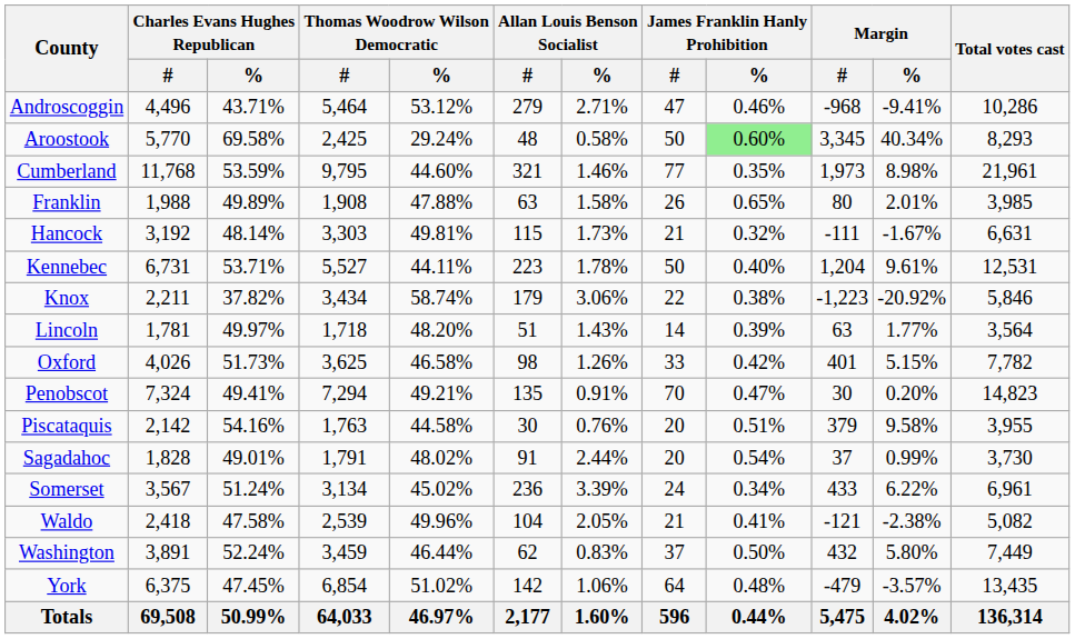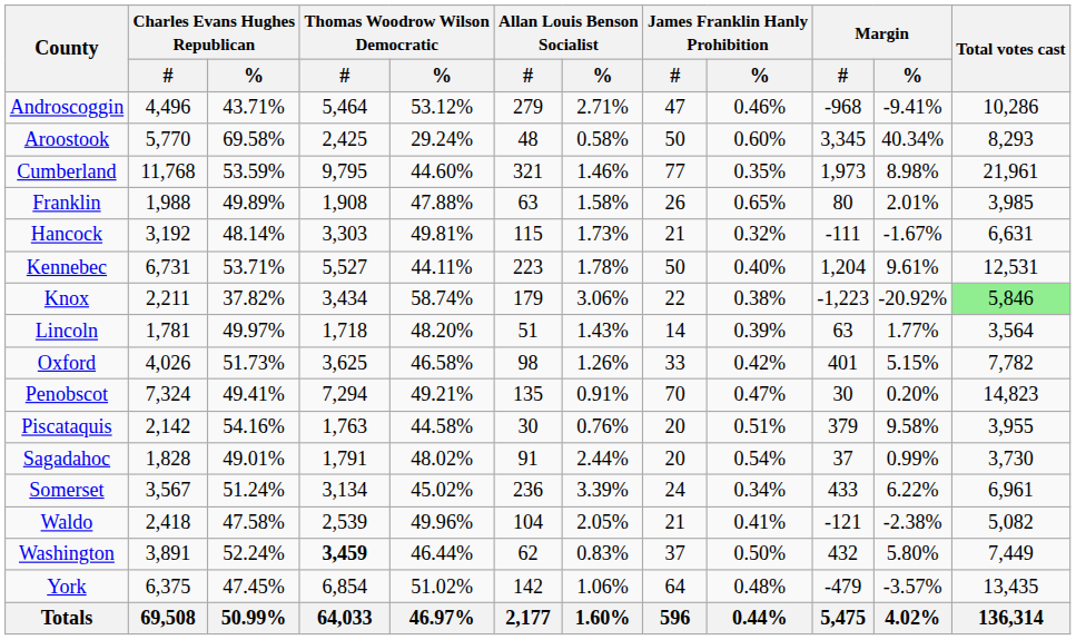 <table class="wikitable sortable">
 <tr>
 <th rowspan="2">County</th>
 <th colspan="2"><small>Charles Evans Hughes</small><br><small>Republican</small></th>
 <th colspan="2"><small>Thomas Woodrow Wilson</small><br><small>Democratic</small></th>
 <th colspan="2"><small>Allan Louis Benson</small><br><small>Socialist</small></th>
 <th colspan="2"><small>James Franklin Hanly</small><br><small>Prohibition</small></th>
 <th colspan="2"><small>Margin</small></th>
 <th rowspan="2" data-sort-type="number"><small>Total votes cast</small></th>
 </tr>
 <tr bgcolor="lightgrey">
 <th data-sort-type="number">#</th>
 <th data-sort-type="number">%</th>
 <th data-sort-type="number">#</th>
 <th data-sort-type="number">%</th>
 <th data-sort-type="number">#</th>
 <th data-sort-type="number">%</th>
 <th data-sort-type="number">#</th>
 <th data-sort-type="number">%</th>
 <th data-sort-type="number">#</th>
 <th data-sort-type="number">%</th>
 </tr>
 <tr style="text-align:center;">
 <td><a href='#'>Androscoggin</a></td>
 <td>4,496</td>
 <td>43.71%</td>
 <td>5,464</td>
 <td>53.12%</td>
 <td>279</td>
 <td>2.71%</td>
 <td>47</td>
 <td>0.46%</td>
 <td>-968</td>
 <td>-9.41%</td>
 <td>10,286</td>
 </tr>
 <tr style="text-align:center;">
 <td><a href='#'>Aroostook</a></td>
 <td>5,770</td>
 <td>69.58%</td>
 <td>2,425</td>
 <td>29.24%</td>
 <td>48</td>
 <td>0.58%</td>
 <td>50</td>
-<td style="background: lightgreen;">0.60%</td>
+<td>0.60%</td>
 <td>3,345</td>
 <td>40.34%</td>
 <td>8,293</td>
 </tr>
 <tr style="text-align:center;">
 <td><a href='#'>Cumberland</a></td>
 <td>11,768</td>
 <td>53.59%</td>
 <td>9,795</td>
 <td>44.60%</td>
 <td>321</td>
 <td>1.46%</td>
 <td>77</td>
 <td>0.35%</td>
 <td>1,973</td>
 <td>8.98%</td>
 <td>21,961</td>
 </tr>
 <tr style="text-align:center;">
 <td><a href='#'>Franklin</a></td>
 <td>1,988</td>
 <td>49.89%</td>
 <td>1,908</td>
 <td>47.88%</td>
 <td>63</td>
 <td>1.58%</td>
 <td>26</td>
 <td>0.65%</td>
 <td>80</td>
 <td>2.01%</td>
 <td>3,985</td>
 </tr>
 <tr style="text-align:center;">
 <td><a href='#'>Hancock</a></td>
 <td>3,192</td>
 <td>48.14%</td>
 <td>3,303</td>
 <td>49.81%</td>
 <td>115</td>
 <td>1.73%</td>
 <td>21</td>
 <td>0.32%</td>
 <td>-111</td>
 <td>-1.67%</td>
 <td>6,631</td>
 </tr>
 <tr style="text-align:center;">
 <td><a href='#'>Kennebec</a></td>
 <td>6,731</td>
 <td>53.71%</td>
 <td>5,527</td>
 <td>44.11%</td>
 <td>223</td>
 <td>1.78%</td>
 <td>50</td>
 <td>0.40%</td>
 <td>1,204</td>
 <td>9.61%</td>
 <td>12,531</td>
 </tr>
 <tr style="text-align:center;">
 <td><a href='#'>Knox</a></td>
 <td>2,211</td>
 <td>37.82%</td>
 <td>3,434</td>
 <td>58.74%</td>
 <td>179</td>
 <td>3.06%</td>
 <td>22</td>
 <td>0.38%</td>
 <td>-1,223</td>
 <td>-20.92%</td>
-<td>5,846</td>
+<td style="background: lightgreen;">5,846</td>
 </tr>
 <tr style="text-align:center;">
 <td><a href='#'>Lincoln</a></td>
 <td>1,781</td>
 <td>49.97%</td>
 <td>1,718</td>
 <td>48.20%</td>
 <td>51</td>
 <td>1.43%</td>
 <td>14</td>
 <td>0.39%</td>
 <td>63</td>
 <td>1.77%</td>
 <td>3,564</td>
 </tr>
 <tr style="text-align:center;">
 <td><a href='#'>Oxford</a></td>
 <td>4,026</td>
 <td>51.73%</td>
 <td>3,625</td>
 <td>46.58%</td>
 <td>98</td>
 <td>1.26%</td>
 <td>33</td>
 <td>0.42%</td>
 <td>401</td>
 <td>5.15%</td>
 <td>7,782</td>
 </tr>
 <tr style="text-align:center;">
 <td><a href='#'>Penobscot</a></td>
 <td>7,324</td>
 <td>49.41%</td>
 <td>7,294</td>
 <td>49.21%</td>
 <td>135</td>
 <td>0.91%</td>
 <td>70</td>
 <td>0.47%</td>
 <td>30</td>
 <td>0.20%</td>
 <td>14,823</td>
 </tr>
 <tr style="text-align:center;">
 <td><a href='#'>Piscataquis</a></td>
 <td>2,142</td>
 <td>54.16%</td>
 <td>1,763</td>
 <td>44.58%</td>
 <td>30</td>
 <td>0.76%</td>
 <td>20</td>
 <td>0.51%</td>
 <td>379</td>
 <td>9.58%</td>
 <td>3,955</td>
 </tr>
 <tr style="text-align:center;">
 <td><a href='#'>Sagadahoc</a></td>
 <td>1,828</td>
 <td>49.01%</td>
 <td>1,791</td>
 <td>48.02%</td>
 <td>91</td>
 <td>2.44%</td>
 <td>20</td>
 <td>0.54%</td>
 <td>37</td>
 <td>0.99%</td>
 <td>3,730</td>
 </tr>
 <tr style="text-align:center;">
 <td><a href='#'>Somerset</a></td>
 <td>3,567</td>
 <td>51.24%</td>
 <td>3,134</td>
 <td>45.02%</td>
 <td>236</td>
 <td>3.39%</td>
 <td>24</td>
 <td>0.34%</td>
 <td>433</td>
 <td>6.22%</td>
 <td>6,961</td>
 </tr>
 <tr style="text-align:center;">
 <td><a href='#'>Waldo</a></td>
 <td>2,418</td>
 <td>47.58%</td>
 <td>2,539</td>
 <td>49.96%</td>
 <td>104</td>
 <td>2.05%</td>
 <td>21</td>
 <td>0.41%</td>
 <td>-121</td>
 <td>-2.38%</td>
 <td>5,082</td>
 </tr>
 <tr style="text-align:center;">
 <td><a href='#'>Washington</a></td>
 <td>3,891</td>
 <td>52.24%</td>
-<td>3,459</td>
+<td><strong>3,459</strong></td>
 <td>46.44%</td>
 <td>62</td>
 <td>0.83%</td>
 <td>37</td>
 <td>0.50%</td>
 <td>432</td>
 <td>5.80%</td>
 <td>7,449</td>
 </tr>
 <tr style="text-align:center;">
 <td><a href='#'>York</a></td>
 <td>6,375</td>
 <td>47.45%</td>
 <td>6,854</td>
 <td>51.02%</td>
 <td>142</td>
 <td>1.06%</td>
 <td>64</td>
 <td>0.48%</td>
 <td>-479</td>
 <td>-3.57%</td>
 <td>13,435</td>
 </tr>
 <tr style="text-align:center;">
 <th>Totals</th>
 <th>69,508</th>
 <th>50.99%</th>
 <th>64,033</th>
 <th>46.97%</th>
 <th>2,177</th>
 <th>1.60%</th>
 <th>596</th>
 <th>0.44%</th>
 <th>5,475</th>
 <th>4.02%</th>
 <th>136,314</th>
 </tr>
 </table>
